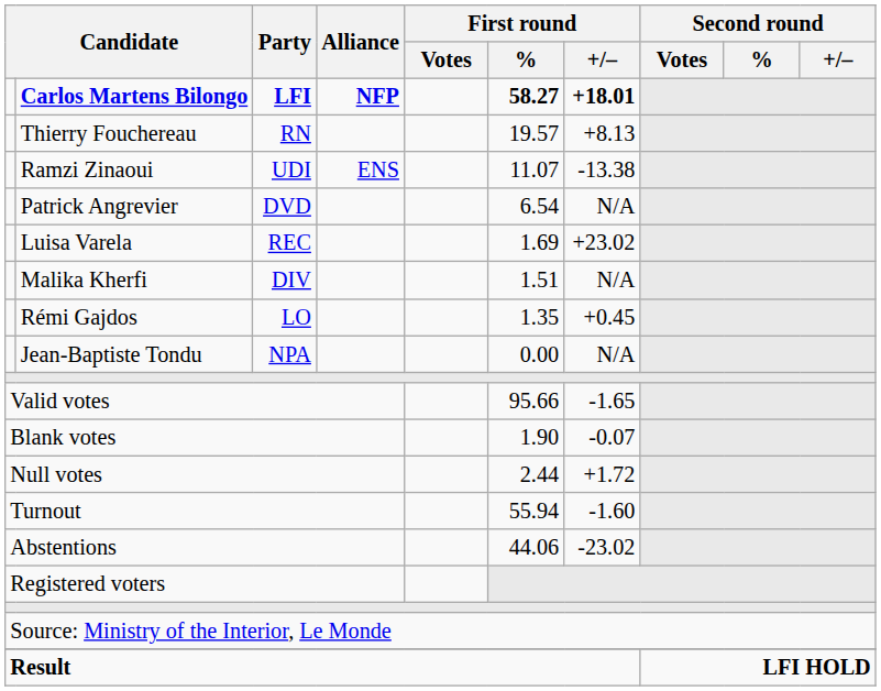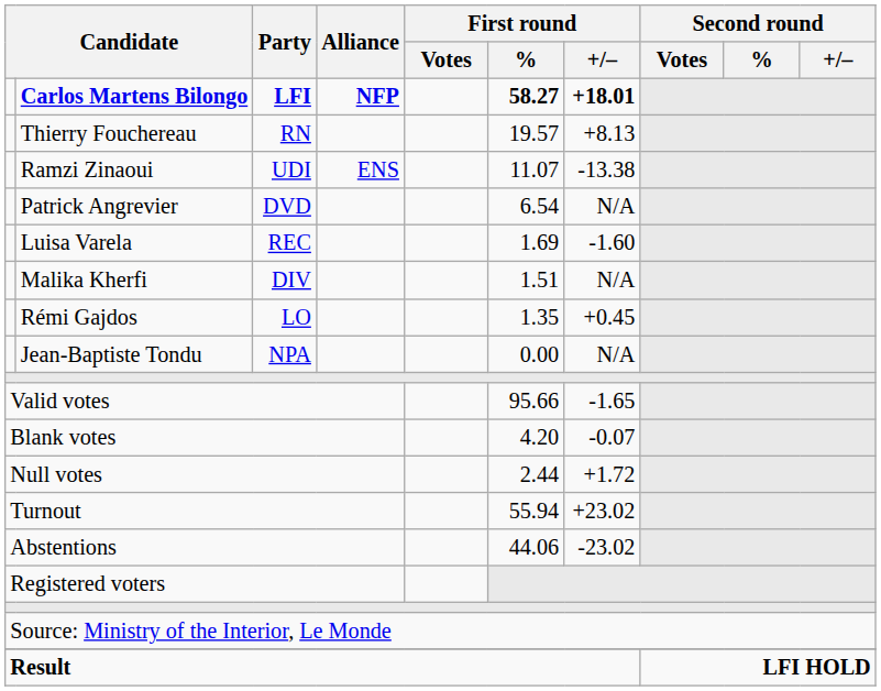 <table class="wikitable" style="text-align:right;font-size:95%;">
 <tr>
 <th rowspan="2" colspan="2">Candidate</th>
 <th rowspan="2">Party</th>
 <th rowspan="2">Alliance</th>
 <th colspan="3">First round</th>
 <th colspan="3">Second round</th>
 </tr>
 <tr>
 <th style="width:50px;">Votes</th>
 <th style="width:45px;">%</th>
 <th style="width:45px;">+/–</th>
 <th style="width:50px;">Votes</th>
 <th style="width:45px;">%</th>
 <th style="width:45px;">+/–</th>
 </tr>
 <tr>
 <td style="color:inherit;background:"></td>
 <td style="text-align:left;"><strong><a href='#'>Carlos Martens Bilongo</a></strong></td>
 <td><a href='#'><strong>LFI</strong></a></td>
 <td><a href='#'><strong>NFP</strong></a></td>
 <td><strong></strong></td>
 <td><strong>58.27</strong></td>
 <td><strong>+18.01</strong></td>
 <td colspan="3" style="background:#E9E9E9;"></td>
 </tr>
 <tr>
 <td style="color:inherit;background:"></td>
 <td style="text-align:left;">Thierry Fouchereau</td>
 <td><a href='#'>RN</a></td>
 <td></td>
 <td></td>
 <td>19.57</td>
 <td>+8.13</td>
 <td colspan="3" style="background:#E9E9E9;"></td>
 </tr>
 <tr>
 <td style="color:inherit;background:"></td>
 <td style="text-align:left;">Ramzi Zinaoui</td>
 <td><a href='#'>UDI</a></td>
 <td><a href='#'>ENS</a></td>
 <td></td>
 <td>11.07</td>
 <td>-13.38</td>
 <td colspan="3" style="background:#E9E9E9;"></td>
 </tr>
 <tr>
 <td style="color:inherit;background:"></td>
 <td style="text-align:left;">Patrick Angrevier</td>
 <td><a href='#'>DVD</a></td>
 <td></td>
 <td></td>
 <td>6.54</td>
 <td>N/A</td>
 <td colspan="3" style="background:#E9E9E9;"></td>
 </tr>
 <tr>
 <td style="color:inherit;background:"></td>
 <td style="text-align:left;">Luisa Varela</td>
 <td><a href='#'>REC</a></td>
 <td></td>
 <td></td>
 <td>1.69</td>
-<td>+23.02</td>
+<td>-1.60</td>
 <td colspan="3" style="background:#E9E9E9;"></td>
 </tr>
 <tr>
 <td style="color:inherit;background:"></td>
 <td style="text-align:left;">Malika Kherfi</td>
 <td><a href='#'>DIV</a></td>
 <td></td>
 <td></td>
 <td>1.51</td>
 <td>N/A</td>
 <td colspan="3" style="background:#E9E9E9;"></td>
 </tr>
 <tr>
 <td style="color:inherit;background:"></td>
 <td style="text-align:left;">Rémi Gajdos</td>
 <td><a href='#'>LO</a></td>
 <td></td>
 <td></td>
 <td>1.35</td>
 <td>+0.45</td>
 <td colspan="3" style="background:#E9E9E9;"></td>
 </tr>
 <tr>
 <td style="color:inherit;background:"></td>
 <td style="text-align:left;">Jean-Baptiste Tondu</td>
 <td><a href='#'>NPA</a></td>
 <td></td>
 <td></td>
 <td>0.00</td>
 <td>N/A</td>
 <td colspan="3" style="background:#E9E9E9;"></td>
 </tr>
 <tr>
 <td colspan="10" style="background:#E9E9E9;"></td>
 </tr>
 <tr>
 <td colspan="4" style="text-align:left;">Valid votes</td>
 <td></td>
 <td>95.66</td>
 <td>-1.65</td>
 <td colspan="3" style="background:#E9E9E9;"></td>
 </tr>
 <tr>
 <td colspan="4" style="text-align:left;">Blank votes</td>
 <td></td>
-<td>1.90</td>
+<td>4.20</td>
 <td>-0.07</td>
 <td colspan="3" style="background:#E9E9E9;"></td>
 </tr>
 <tr>
 <td colspan="4" style="text-align:left;">Null votes</td>
 <td></td>
 <td>2.44</td>
 <td>+1.72</td>
 <td colspan="3" style="background:#E9E9E9;"></td>
 </tr>
 <tr>
 <td colspan="4" style="text-align:left;">Turnout</td>
 <td></td>
 <td>55.94</td>
-<td>-1.60</td>
+<td>+23.02</td>
 <td colspan="3" style="background:#E9E9E9;"></td>
 </tr>
 <tr>
 <td colspan="4" style="text-align:left;">Abstentions</td>
 <td></td>
 <td>44.06</td>
 <td>-23.02</td>
 <td colspan="3" style="background:#E9E9E9;"></td>
 </tr>
 <tr>
 <td colspan="4" style="text-align:left;">Registered voters</td>
 <td></td>
 <td colspan="5" style="background:#E9E9E9;"></td>
 </tr>
 <tr>
 <td colspan="10" style="background:#E9E9E9;"></td>
 </tr>
 <tr>
 <td colspan="10" style="text-align:left;">Source: <a href='#'>Ministry of the Interior</a>, <a href='#'>Le Monde</a></td>
 </tr>
 <tr>
 </tr>
 <tr style="font-weight:bold">
 <td colspan="7" style="text-align:left;">Result</td>
 <td colspan="7" style="background-color:">LFI HOLD</td>
 </tr>
 </table>
